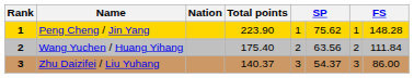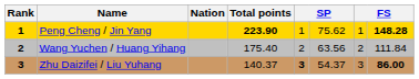 <table class="wikitable sortable">
 <tr>
 <th>Rank</th>
 <th>Name</th>
 <th>Nation</th>
 <th>Total points</th>
 <th colspan="2" width="80px"><a href='#'>SP</a></th>
 <th colspan="2" width="80px"><a href='#'>FS</a></th>
 </tr>
 <tr bgcolor="gold">
 <td align="center"><strong>1</strong></td>
 <td><a href='#'>Peng Cheng</a> / <a href='#'>Jin Yang</a></td>
 <td></td>
-<td align="center">223.90</td>
+<td align="center"><strong>223.90</strong></td>
 <td align="center">1</td>
 <td align="center">75.62</td>
 <td align="center">1</td>
-<td align="center">148.28</td>
+<td align="center"><strong>148.28</strong></td>
 </tr>
 <tr bgcolor="silver">
 <td align="center"><strong>2</strong></td>
 <td><a href='#'>Wang Yuchen</a> / <a href='#'>Huang Yihang</a></td>
 <td></td>
 <td align="center">175.40</td>
 <td align="center">2</td>
 <td align="center">63.56</td>
 <td align="center">2</td>
 <td align="center">111.84</td>
 </tr>
 <tr bgcolor="cc9966">
 <td align="center"><strong>3</strong></td>
 <td><a href='#'>Zhu Daizifei</a> / <a href='#'>Liu Yuhang</a></td>
 <td></td>
 <td align="center">140.37</td>
-<td align="center">3</td>
+<td align="center"><strong>3</strong></td>
 <td align="center">54.37</td>
 <td align="center">3</td>
-<td align="center">86.00</td>
+<td align="center"><strong>86.00</strong></td>
 </tr>
 </table>
